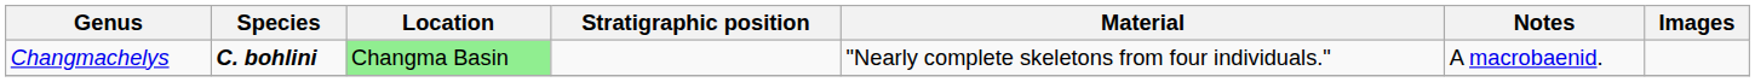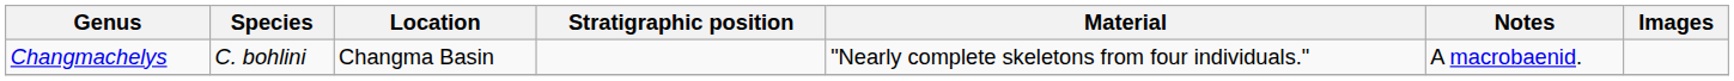 <table class="wikitable" align="center" width="100%">
 <tr>
 <th>Genus</th>
 <th>Species</th>
 <th>Location</th>
 <th>Stratigraphic position</th>
 <th>Material</th>
 <th>Notes</th>
 <th>Images</th>
 </tr>
 <tr>
 <td><em><a href='#'>Changmachelys</a></em></td>
-<td><strong><em>C. bohlini</em></strong></td>
-<td style="background: lightgreen;">Changma Basin</td>
+<td><em>C. bohlini</em></td>
+<td>Changma Basin</td>
 <td></td>
 <td>"Nearly complete skeletons from four individuals."</td>
 <td>A <a href='#'>macrobaenid</a>.</td>
 <td></td>
 </tr>
 <tr>
 </tr>
 </table>
